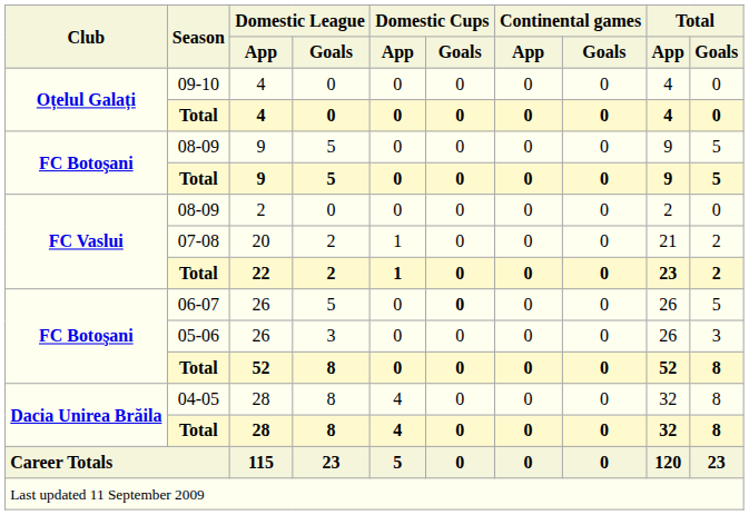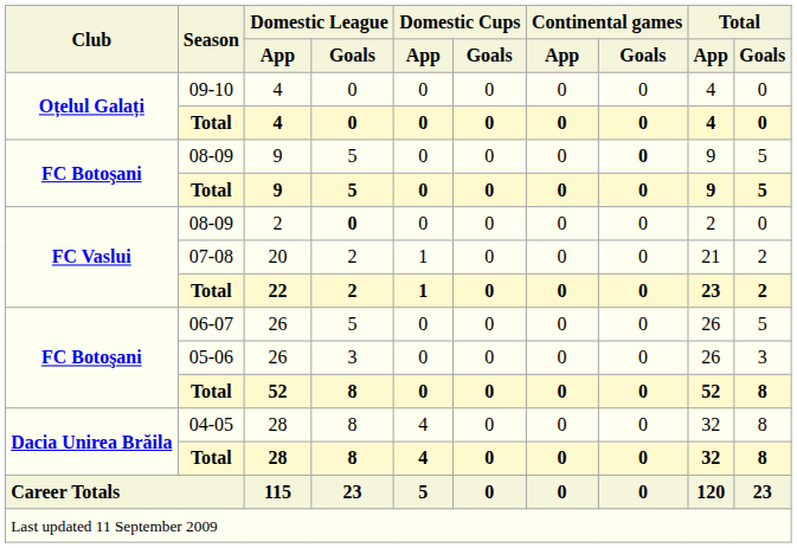 <table border=1 cellpadding=4 cellspacing=2 style="background: ivory; font-size: 95%; border: 1px #aaaaaa solid; border-collapse: collapse; clear:center">
 <tr style="background:beige">
 <th rowspan="2">Club</th>
 <th rowspan="2">Season</th>
 <th colspan="2">Domestic League</th>
 <th colspan="2">Domestic Cups</th>
 <th colspan="2">Continental games</th>
 <th colspan="2">Total</th>
 </tr>
 <tr style="background:beige">
 <th>App</th>
 <th>Goals</th>
 <th>App</th>
 <th>Goals</th>
 <th>App</th>
 <th>Goals</th>
 <th>App</th>
 <th>Goals</th>
 </tr>
 <tr>
 <td rowspan="2" align=center valign=center><strong><a href='#'>Oțelul Galați</a></strong></td>
 <td align="center">09-10</td>
 <td align="center">4</td>
 <td align="center">0</td>
 <td align="center">0</td>
 <td align="center">0</td>
 <td align="center">0</td>
 <td align="center">0</td>
 <td align="center">4</td>
 <td align="center">0</td>
 </tr>
 <tr style="background:lemonchiffon">
 <th>Total</th>
 <th>4</th>
 <th>0</th>
 <th>0</th>
 <th>0</th>
 <th>0</th>
 <th>0</th>
 <th>4</th>
 <th>0</th>
 </tr>
 <tr>
 <td rowspan="2" align=center valign=center><strong><a href='#'>FC Botoşani</a></strong></td>
 <td align="center">08-09</td>
 <td align="center">9</td>
 <td align="center">5</td>
 <td align="center">0</td>
 <td align="center">0</td>
 <td align="center">0</td>
-<td align="center">0</td>
+<td align="center"><strong>0</strong></td>
 <td align="center">9</td>
 <td align="center">5</td>
 </tr>
 <tr style="background:lemonchiffon">
 <th>Total</th>
 <th>9</th>
 <th>5</th>
 <th>0</th>
 <th>0</th>
 <th>0</th>
 <th>0</th>
 <th>9</th>
 <th>5</th>
 </tr>
 <tr>
 <td rowspan="3" align=center valign=center><strong><a href='#'>FC Vaslui</a></strong></td>
 <td align="center">08-09</td>
 <td align="center">2</td>
-<td align="center">0</td>
+<td align="center"><strong>0</strong></td>
 <td align="center">0</td>
 <td align="center">0</td>
 <td align="center">0</td>
 <td align="center">0</td>
 <td align="center">2</td>
 <td align="center">0</td>
 </tr>
 <tr>
 <td align="center">07-08</td>
 <td align="center">20</td>
 <td align="center">2</td>
 <td align="center">1</td>
 <td align="center">0</td>
 <td align="center">0</td>
 <td align="center">0</td>
 <td align="center">21</td>
 <td align="center">2</td>
 </tr>
 <tr style="background:lemonchiffon">
 <th>Total</th>
 <th>22</th>
 <th>2</th>
 <th>1</th>
 <th>0</th>
 <th>0</th>
 <th>0</th>
 <th>23</th>
 <th>2</th>
 </tr>
 <tr>
 <td rowspan="3" align=center valign=center><strong><a href='#'>FC Botoşani</a></strong></td>
 <td align="center">06-07</td>
 <td align="center">26</td>
 <td align="center">5</td>
 <td align="center">0</td>
-<td align="center"><strong>0</strong></td>
+<td align="center">0</td>
 <td align="center">0</td>
 <td align="center">0</td>
 <td align="center">26</td>
 <td align="center">5</td>
 </tr>
 <tr>
 <td align="center">05-06</td>
 <td align="center">26</td>
 <td align="center">3</td>
 <td align="center">0</td>
 <td align="center">0</td>
 <td align="center">0</td>
 <td align="center">0</td>
 <td align="center">26</td>
 <td align="center">3</td>
 </tr>
 <tr style="background:lemonchiffon">
 <th>Total</th>
 <th>52</th>
 <th>8</th>
 <th>0</th>
 <th>0</th>
 <th>0</th>
 <th>0</th>
 <th>52</th>
 <th>8</th>
 </tr>
 <tr>
 <td rowspan="2" align=center valign=center><strong><a href='#'>Dacia Unirea Brăila</a></strong></td>
 <td align="center">04-05</td>
 <td align="center">28</td>
 <td align="center">8</td>
 <td align="center">4</td>
 <td align="center">0</td>
 <td align="center">0</td>
 <td align="center">0</td>
 <td align="center">32</td>
 <td align="center">8</td>
 </tr>
 <tr style="background:lemonchiffon">
 <th>Total</th>
 <th>28</th>
 <th>8</th>
 <th>4</th>
 <th>0</th>
 <th>0</th>
 <th>0</th>
 <th>32</th>
 <th>8</th>
 </tr>
 <tr>
 <th style="background:beige" colspan="2" align="left">Career Totals</th>
 <th style="background:beige">115</th>
 <th style="background:beige">23</th>
 <th style="background:beige">5</th>
 <th style="background:beige">0</th>
 <th style="background:beige">0</th>
 <th style="background:beige">0</th>
 <th style="background:beige">120</th>
 <th style="background:beige">23</th>
 </tr>
 <tr>
 <td colspan="12"><small>Last updated 11 September 2009</small></td>
 </tr>
 </table>
